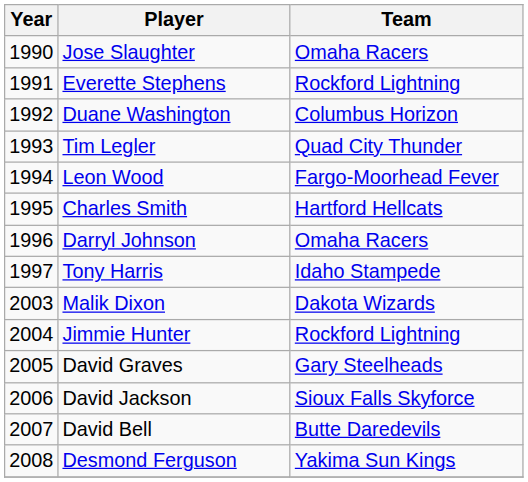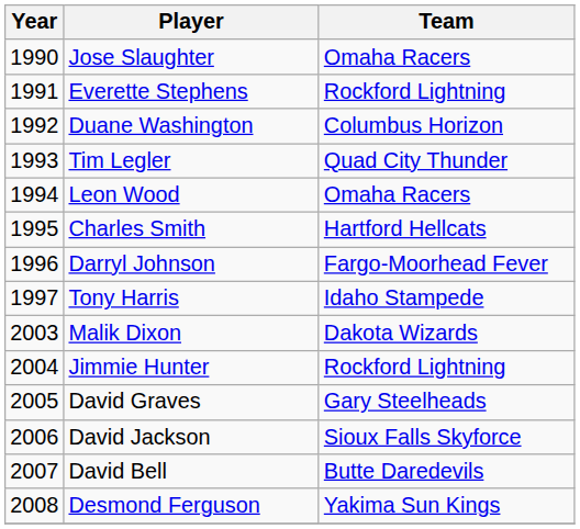 <table class="wikitable">
 <tr>
 <th>Year</th>
 <th width=180>Player</th>
 <th width=180>Team</th>
 </tr>
 <tr>
 <td>1990</td>
 <td> <a href='#'>Jose Slaughter</a></td>
 <td><a href='#'>Omaha Racers</a></td>
 </tr>
 <tr>
 <td>1991</td>
 <td> <a href='#'>Everette Stephens</a></td>
 <td><a href='#'>Rockford Lightning</a></td>
 </tr>
 <tr>
 <td>1992</td>
 <td> <a href='#'>Duane Washington</a></td>
 <td><a href='#'>Columbus Horizon</a></td>
 </tr>
 <tr>
 <td>1993</td>
 <td> <a href='#'>Tim Legler</a></td>
 <td><a href='#'>Quad City Thunder</a></td>
 </tr>
 <tr>
 <td>1994</td>
 <td> <a href='#'>Leon Wood</a></td>
-<td><a href='#'>Fargo-Moorhead Fever</a></td>
+<td><a href='#'>Omaha Racers</a></td>
 </tr>
 <tr>
 <td>1995</td>
 <td> <a href='#'>Charles Smith</a></td>
 <td><a href='#'>Hartford Hellcats</a></td>
 </tr>
 <tr>
 <td>1996</td>
 <td> <a href='#'>Darryl Johnson</a></td>
-<td><a href='#'>Omaha Racers</a></td>
+<td><a href='#'>Fargo-Moorhead Fever</a></td>
 </tr>
 <tr>
 <td>1997</td>
 <td> <a href='#'>Tony Harris</a></td>
 <td><a href='#'>Idaho Stampede</a></td>
 </tr>
 <tr>
 <td>2003</td>
 <td> <a href='#'>Malik Dixon</a></td>
 <td><a href='#'>Dakota Wizards</a></td>
 </tr>
 <tr>
 <td>2004</td>
 <td> <a href='#'>Jimmie Hunter</a></td>
 <td><a href='#'>Rockford Lightning</a></td>
 </tr>
 <tr>
 <td>2005</td>
 <td> David Graves</td>
 <td><a href='#'>Gary Steelheads</a></td>
 </tr>
 <tr>
 <td>2006</td>
 <td> David Jackson</td>
 <td><a href='#'>Sioux Falls Skyforce</a></td>
 </tr>
 <tr>
 <td>2007</td>
 <td> David Bell</td>
 <td><a href='#'>Butte Daredevils</a></td>
 </tr>
 <tr>
 <td>2008</td>
 <td> <a href='#'>Desmond Ferguson</a></td>
 <td><a href='#'>Yakima Sun Kings</a></td>
 </tr>
 <tr>
 </tr>
 </table>
